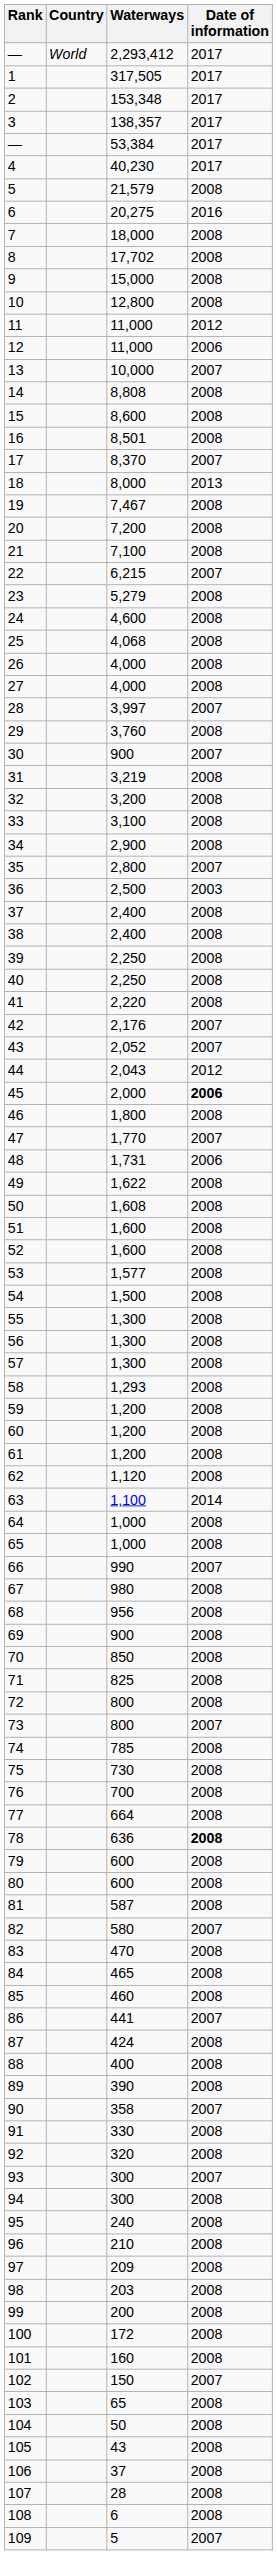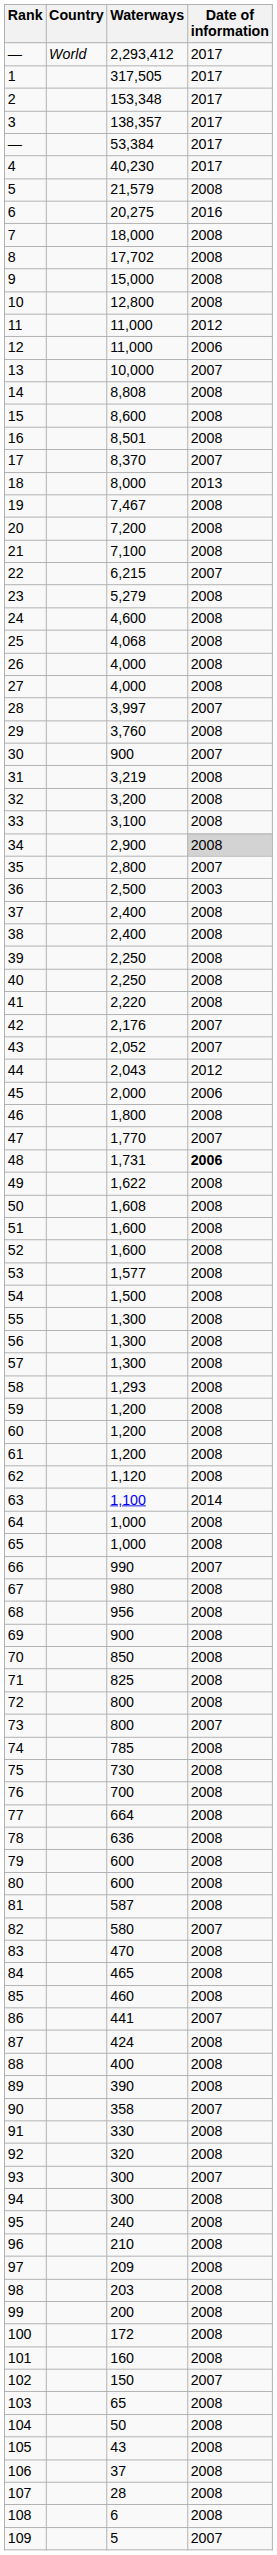 <table class="sortable wikitable">
 <tr bgcolor="#ececec" valign=top>
 <th>Rank</th>
 <th>Country</th>
 <th>Waterways</th>
 <th>Date of <br> information</th>
 </tr>
 <tr>
 <td>—</td>
 <td><em>World</em></td>
 <td>2,293,412</td>
 <td>2017</td>
 </tr>
 <tr>
 <td>1</td>
 <td></td>
 <td>317,505</td>
 <td>2017</td>
 </tr>
 <tr>
 <td>2</td>
 <td></td>
 <td>153,348</td>
 <td>2017</td>
 </tr>
 <tr>
 <td>3</td>
 <td></td>
 <td>138,357</td>
 <td>2017</td>
 </tr>
 <tr>
 <td>—</td>
 <td></td>
 <td>53,384</td>
 <td>2017</td>
 </tr>
 <tr>
 <td>4</td>
 <td></td>
 <td>40,230</td>
 <td>2017</td>
 </tr>
 <tr>
 <td>5</td>
 <td></td>
 <td>21,579</td>
 <td>2008</td>
 </tr>
 <tr>
 <td>6</td>
 <td></td>
 <td>20,275</td>
 <td>2016</td>
 </tr>
 <tr>
 <td>7</td>
 <td></td>
 <td>18,000</td>
 <td>2008</td>
 </tr>
 <tr>
 <td>8</td>
 <td></td>
 <td>17,702</td>
 <td>2008</td>
 </tr>
 <tr>
 <td>9</td>
 <td></td>
 <td>15,000</td>
 <td>2008</td>
 </tr>
 <tr>
 <td>10</td>
 <td></td>
 <td>12,800</td>
 <td>2008</td>
 </tr>
 <tr>
 <td>11</td>
 <td></td>
 <td>11,000</td>
 <td>2012</td>
 </tr>
 <tr>
 <td>12</td>
 <td></td>
 <td>11,000</td>
 <td>2006</td>
 </tr>
 <tr>
 <td>13</td>
 <td></td>
 <td>10,000</td>
 <td>2007</td>
 </tr>
 <tr>
 <td>14</td>
 <td></td>
 <td>8,808</td>
 <td>2008</td>
 </tr>
 <tr>
 <td>15</td>
 <td></td>
 <td>8,600</td>
 <td>2008</td>
 </tr>
 <tr>
 <td>16</td>
 <td></td>
 <td>8,501</td>
 <td>2008</td>
 </tr>
 <tr>
 <td>17</td>
 <td></td>
 <td>8,370</td>
 <td>2007</td>
 </tr>
 <tr>
 <td>18</td>
 <td></td>
 <td>8,000</td>
 <td>2013</td>
 </tr>
 <tr>
 <td>19</td>
 <td></td>
 <td>7,467</td>
 <td>2008</td>
 </tr>
 <tr>
 <td>20</td>
 <td></td>
 <td>7,200</td>
 <td>2008</td>
 </tr>
 <tr>
 <td>21</td>
 <td></td>
 <td>7,100</td>
 <td>2008</td>
 </tr>
 <tr>
 <td>22</td>
 <td></td>
 <td>6,215</td>
 <td>2007</td>
 </tr>
 <tr>
 <td>23</td>
 <td></td>
 <td>5,279</td>
 <td>2008</td>
 </tr>
 <tr>
 <td>24</td>
 <td></td>
 <td>4,600</td>
 <td>2008</td>
 </tr>
 <tr>
 <td>25</td>
 <td></td>
 <td>4,068</td>
 <td>2008</td>
 </tr>
 <tr>
 <td>26</td>
 <td></td>
 <td>4,000</td>
 <td>2008</td>
 </tr>
 <tr>
 <td>27</td>
 <td></td>
 <td>4,000</td>
 <td>2008</td>
 </tr>
 <tr>
 <td>28</td>
 <td></td>
 <td>3,997</td>
 <td>2007</td>
 </tr>
 <tr>
 <td>29</td>
 <td></td>
 <td>3,760</td>
 <td>2008</td>
 </tr>
 <tr>
 <td>30</td>
 <td></td>
 <td>900</td>
 <td>2007</td>
 </tr>
 <tr>
 <td>31</td>
 <td></td>
 <td>3,219</td>
 <td>2008</td>
 </tr>
 <tr>
 <td>32</td>
 <td></td>
 <td>3,200</td>
 <td>2008</td>
 </tr>
 <tr>
 <td>33</td>
 <td></td>
 <td>3,100</td>
 <td>2008</td>
 </tr>
 <tr>
 <td>34</td>
 <td></td>
 <td>2,900</td>
-<td>2008</td>
+<td style="background: lightgrey;">2008</td>
 </tr>
 <tr>
 <td>35</td>
 <td></td>
 <td>2,800</td>
 <td>2007</td>
 </tr>
 <tr>
 <td>36</td>
 <td></td>
 <td>2,500</td>
 <td>2003</td>
 </tr>
 <tr>
 <td>37</td>
 <td></td>
 <td>2,400</td>
 <td>2008</td>
 </tr>
 <tr>
 <td>38</td>
 <td></td>
 <td>2,400</td>
 <td>2008</td>
 </tr>
 <tr>
 <td>39</td>
 <td></td>
 <td>2,250</td>
 <td>2008</td>
 </tr>
 <tr>
 <td>40</td>
 <td></td>
 <td>2,250</td>
 <td>2008</td>
 </tr>
 <tr>
 <td>41</td>
 <td></td>
 <td>2,220</td>
 <td>2008</td>
 </tr>
 <tr>
 <td>42</td>
 <td></td>
 <td>2,176</td>
 <td>2007</td>
 </tr>
 <tr>
 <td>43</td>
 <td></td>
 <td>2,052</td>
 <td>2007</td>
 </tr>
 <tr>
 <td>44</td>
 <td></td>
 <td>2,043</td>
 <td>2012</td>
 </tr>
 <tr>
 <td>45</td>
 <td></td>
 <td>2,000</td>
-<td><strong>2006</strong></td>
+<td>2006</td>
 </tr>
 <tr>
 <td>46</td>
 <td></td>
 <td>1,800</td>
 <td>2008</td>
 </tr>
 <tr>
 <td>47</td>
 <td></td>
 <td>1,770</td>
 <td>2007</td>
 </tr>
 <tr>
 <td>48</td>
 <td></td>
 <td>1,731</td>
-<td>2006</td>
+<td><strong>2006</strong></td>
 </tr>
 <tr>
 <td>49</td>
 <td></td>
 <td>1,622</td>
 <td>2008</td>
 </tr>
 <tr>
 <td>50</td>
 <td></td>
 <td>1,608</td>
 <td>2008</td>
 </tr>
 <tr>
 <td>51</td>
 <td></td>
 <td>1,600</td>
 <td>2008</td>
 </tr>
 <tr>
 <td>52</td>
 <td></td>
 <td>1,600</td>
 <td>2008</td>
 </tr>
 <tr>
 <td>53</td>
 <td></td>
 <td>1,577</td>
 <td>2008</td>
 </tr>
 <tr>
 <td>54</td>
 <td></td>
 <td>1,500</td>
 <td>2008</td>
 </tr>
 <tr>
 <td>55</td>
 <td></td>
 <td>1,300</td>
 <td>2008</td>
 </tr>
 <tr>
 <td>56</td>
 <td></td>
 <td>1,300</td>
 <td>2008</td>
 </tr>
 <tr>
 <td>57</td>
 <td></td>
 <td>1,300</td>
 <td>2008</td>
 </tr>
 <tr>
 <td>58</td>
 <td></td>
 <td>1,293</td>
 <td>2008</td>
 </tr>
 <tr>
 <td>59</td>
 <td></td>
 <td>1,200</td>
 <td>2008</td>
 </tr>
 <tr>
 <td>60</td>
 <td></td>
 <td>1,200</td>
 <td>2008</td>
 </tr>
 <tr>
 <td>61</td>
 <td></td>
 <td>1,200</td>
 <td>2008</td>
 </tr>
 <tr>
 <td>62</td>
 <td></td>
 <td>1,120</td>
 <td>2008</td>
 </tr>
 <tr>
 <td>63</td>
 <td></td>
 <td><a href='#'>1,100</a></td>
 <td>2014</td>
 </tr>
 <tr>
 <td>64</td>
 <td></td>
 <td>1,000</td>
 <td>2008</td>
 </tr>
 <tr>
 <td>65</td>
 <td></td>
 <td>1,000</td>
 <td>2008</td>
 </tr>
 <tr>
 <td>66</td>
 <td></td>
 <td>990</td>
 <td>2007</td>
 </tr>
 <tr>
 <td>67</td>
 <td></td>
 <td>980</td>
 <td>2008</td>
 </tr>
 <tr>
 <td>68</td>
 <td></td>
 <td>956</td>
 <td>2008</td>
 </tr>
 <tr>
 <td>69</td>
 <td></td>
 <td>900</td>
 <td>2008</td>
 </tr>
 <tr>
 <td>70</td>
 <td></td>
 <td>850</td>
 <td>2008</td>
 </tr>
 <tr>
 <td>71</td>
 <td></td>
 <td>825</td>
 <td>2008</td>
 </tr>
 <tr>
 <td>72</td>
 <td></td>
 <td>800</td>
 <td>2008</td>
 </tr>
 <tr>
 <td>73</td>
 <td></td>
 <td>800</td>
 <td>2007</td>
 </tr>
 <tr>
 <td>74</td>
 <td></td>
 <td>785</td>
 <td>2008</td>
 </tr>
 <tr>
 <td>75</td>
 <td></td>
 <td>730</td>
 <td>2008</td>
 </tr>
 <tr>
 <td>76</td>
 <td></td>
 <td>700</td>
 <td>2008</td>
 </tr>
 <tr>
 <td>77</td>
 <td></td>
 <td>664</td>
 <td>2008</td>
 </tr>
 <tr>
 <td>78</td>
 <td></td>
 <td>636</td>
-<td><strong>2008</strong></td>
+<td>2008</td>
 </tr>
 <tr>
 <td>79</td>
 <td></td>
 <td>600</td>
 <td>2008</td>
 </tr>
 <tr>
 <td>80</td>
 <td></td>
 <td>600</td>
 <td>2008</td>
 </tr>
 <tr>
 <td>81</td>
 <td></td>
 <td>587</td>
 <td>2008</td>
 </tr>
 <tr>
 <td>82</td>
 <td></td>
 <td>580</td>
 <td>2007</td>
 </tr>
 <tr>
 <td>83</td>
 <td></td>
 <td>470</td>
 <td>2008</td>
 </tr>
 <tr>
 <td>84</td>
 <td></td>
 <td>465</td>
 <td>2008</td>
 </tr>
 <tr>
 <td>85</td>
 <td></td>
 <td>460</td>
 <td>2008</td>
 </tr>
 <tr>
 <td>86</td>
 <td></td>
 <td>441</td>
 <td>2007</td>
 </tr>
 <tr>
 <td>87</td>
 <td></td>
 <td>424</td>
 <td>2008</td>
 </tr>
 <tr>
 <td>88</td>
 <td></td>
 <td>400</td>
 <td>2008</td>
 </tr>
 <tr>
 <td>89</td>
 <td></td>
 <td>390</td>
 <td>2008</td>
 </tr>
 <tr>
 <td>90</td>
 <td></td>
 <td>358</td>
 <td>2007</td>
 </tr>
 <tr>
 <td>91</td>
 <td></td>
 <td>330</td>
 <td>2008</td>
 </tr>
 <tr>
 <td>92</td>
 <td></td>
 <td>320</td>
 <td>2008</td>
 </tr>
 <tr>
 <td>93</td>
 <td></td>
 <td>300</td>
 <td>2007</td>
 </tr>
 <tr>
 <td>94</td>
 <td></td>
 <td>300</td>
 <td>2008</td>
 </tr>
 <tr>
 <td>95</td>
 <td></td>
 <td>240</td>
 <td>2008</td>
 </tr>
 <tr>
 <td>96</td>
 <td></td>
 <td>210</td>
 <td>2008</td>
 </tr>
 <tr>
 <td>97</td>
 <td></td>
 <td>209</td>
 <td>2008</td>
 </tr>
 <tr>
 <td>98</td>
 <td></td>
 <td>203</td>
 <td>2008</td>
 </tr>
 <tr>
 <td>99</td>
 <td></td>
 <td>200</td>
 <td>2008</td>
 </tr>
 <tr>
 <td>100</td>
 <td></td>
 <td>172</td>
 <td>2008</td>
 </tr>
 <tr>
 <td>101</td>
 <td></td>
 <td>160</td>
 <td>2008</td>
 </tr>
 <tr>
 <td>102</td>
 <td></td>
 <td>150</td>
 <td>2007</td>
 </tr>
 <tr>
 <td>103</td>
 <td></td>
 <td>65</td>
 <td>2008</td>
 </tr>
 <tr>
 <td>104</td>
 <td></td>
 <td>50</td>
 <td>2008</td>
 </tr>
 <tr>
 <td>105</td>
 <td></td>
 <td>43</td>
 <td>2008</td>
 </tr>
 <tr>
 <td>106</td>
 <td></td>
 <td>37</td>
 <td>2008</td>
 </tr>
 <tr>
 <td>107</td>
 <td></td>
 <td>28</td>
 <td>2008</td>
 </tr>
 <tr>
 <td>108</td>
 <td></td>
 <td>6</td>
 <td>2008</td>
 </tr>
 <tr>
 <td>109</td>
 <td></td>
 <td>5</td>
 <td>2007</td>
 </tr>
 </table>
